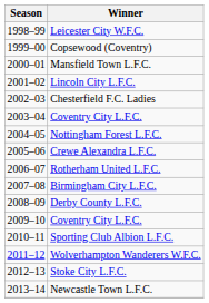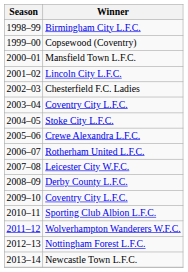 <table class="wikitable">
 <tr>
 <th>Season</th>
 <th>Winner</th>
 </tr>
 <tr>
 <td>1998–99</td>
-<td><a href='#'>Leicester City W.F.C.</a></td>
+<td><a href='#'>Birmingham City L.F.C.</a></td>
 </tr>
 <tr>
 <td>1999–00</td>
 <td>Copsewood (Coventry)</td>
 </tr>
 <tr>
 <td>2000–01</td>
 <td>Mansfield Town L.F.C.</td>
 </tr>
 <tr>
 <td>2001–02</td>
 <td><a href='#'>Lincoln City L.F.C.</a></td>
 </tr>
 <tr>
 <td>2002–03</td>
 <td>Chesterfield F.C. Ladies</td>
 </tr>
 <tr>
 <td>2003–04</td>
 <td><a href='#'>Coventry City L.F.C.</a></td>
 </tr>
 <tr>
 <td>2004–05</td>
-<td><a href='#'>Nottingham Forest L.F.C.</a></td>
+<td><a href='#'>Stoke City L.F.C.</a></td>
 </tr>
 <tr>
 <td>2005–06</td>
 <td><a href='#'>Crewe Alexandra L.F.C.</a></td>
 </tr>
 <tr>
 <td>2006–07</td>
 <td><a href='#'>Rotherham United L.F.C.</a></td>
 </tr>
 <tr>
 <td>2007–08</td>
-<td><a href='#'>Birmingham City L.F.C.</a></td>
+<td><a href='#'>Leicester City W.F.C.</a></td>
 </tr>
 <tr>
 <td>2008–09</td>
 <td><a href='#'>Derby County L.F.C.</a></td>
 </tr>
 <tr>
 <td>2009–10</td>
 <td><a href='#'>Coventry City L.F.C.</a></td>
 </tr>
 <tr>
 <td>2010–11</td>
 <td><a href='#'>Sporting Club Albion L.F.C.</a></td>
 </tr>
 <tr>
 <td><a href='#'>2011–12</a></td>
 <td><a href='#'>Wolverhampton Wanderers W.F.C.</a></td>
 </tr>
 <tr>
 <td>2012–13</td>
-<td><a href='#'>Stoke City L.F.C.</a></td>
+<td><a href='#'>Nottingham Forest L.F.C.</a></td>
 </tr>
 <tr>
 <td>2013–14</td>
 <td>Newcastle Town L.F.C.</td>
 </tr>
 <tr>
 </tr>
 </table>
